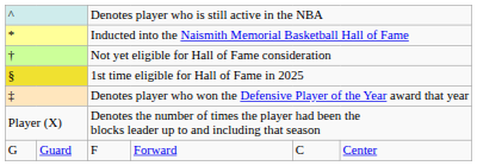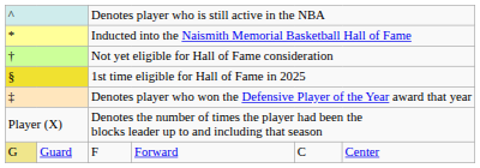 <table class="wikitable">
 <tr>
 <td style="background-color:#CFECEC; width:6em" colspan=2>^</td>
 <td colspan=5>Denotes player who is still active in the NBA</td>
 </tr>
 <tr>
 <td style="background-color:#FFFF99; width:6em" colspan=2>*</td>
 <td colspan=5>Inducted into the <a href='#'>Naismith Memorial Basketball Hall of Fame</a></td>
 </tr>
 <tr>
 <td style="background:#CCFF99; width:1em" colspan=2>†</td>
 <td colspan=5>Not yet eligible for Hall of Fame consideration</td>
 </tr>
 <tr>
 <td style="background:#F0E130; width:1em" colspan=2>§</td>
 <td colspan=5>1st time eligible for Hall of Fame in 2025</td>
 </tr>
 <tr>
 <td style="background-color:#FFE6BD; border:1px solid #aaaaaa; width:6em" colspan=2>‡</td>
 <td colspan=5>Denotes player who won the <a href='#'>Defensive Player of the Year</a> award that year</td>
 </tr>
 <tr>
 <td colspan=2>Player (X)</td>
 <td colspan=5>Denotes the number of times the player had been the<br>blocks leader up to and including that season</td>
 </tr>
 <tr>
-<td style="width:2em">G</td>
+<td style="background: khaki; width:2em">G</td>
 <td colspan=2><a href='#'>Guard</a></td>
 <td>F</td>
 <td><a href='#'>Forward</a></td>
 <td>C</td>
 <td><a href='#'>Center</a></td>
 </tr>
 </table>
